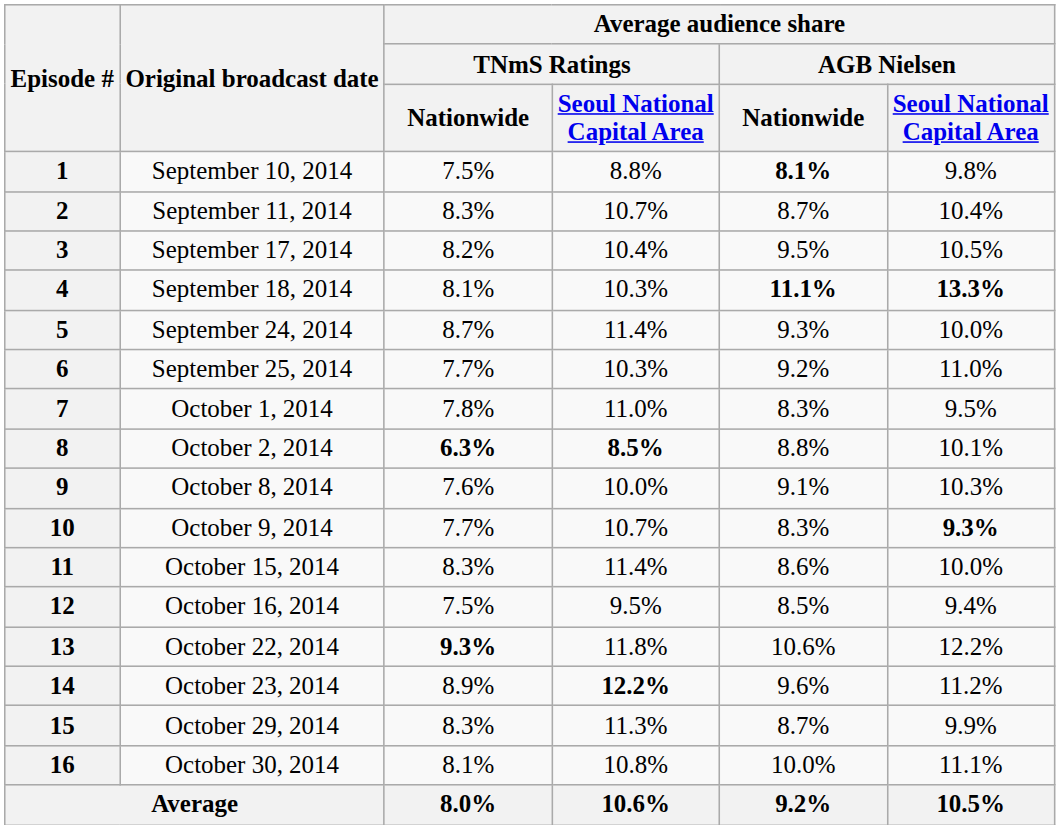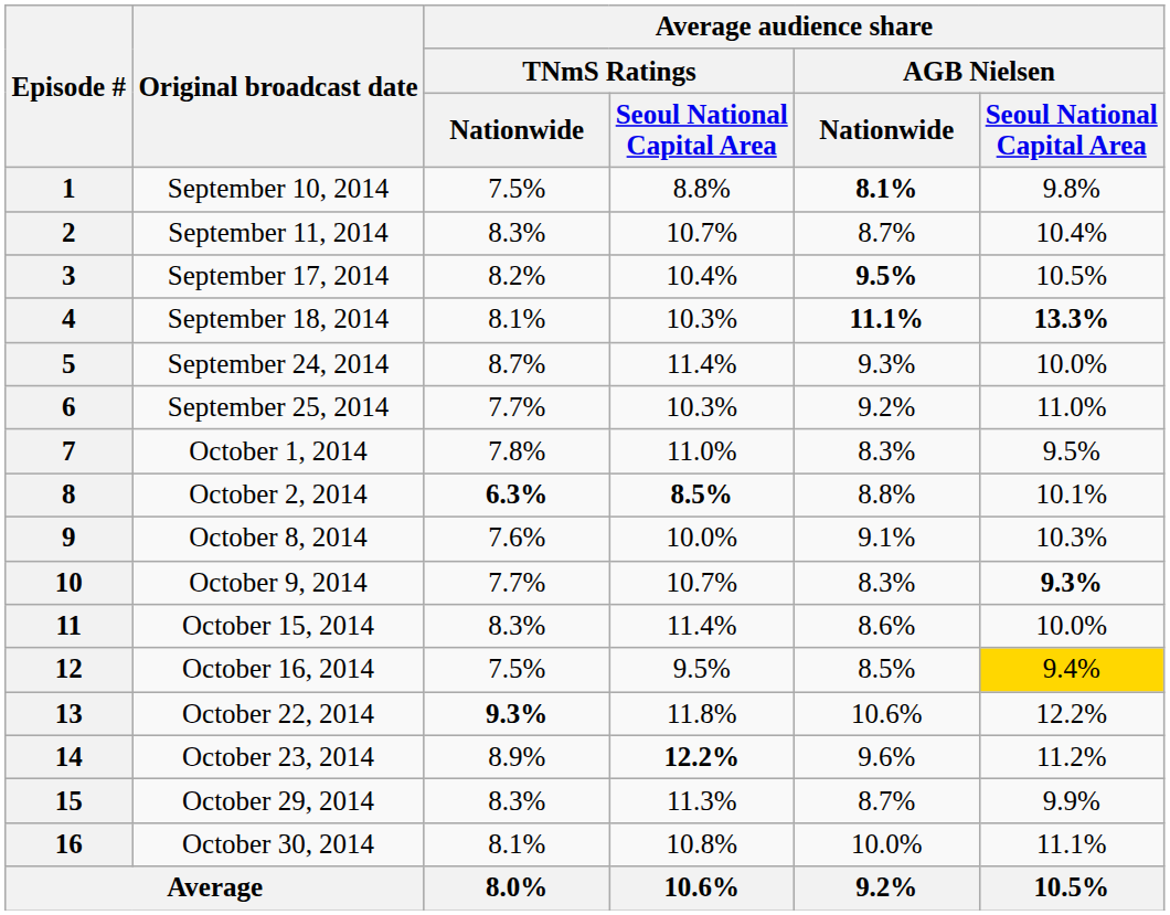 <table class=wikitable style="text-align:center">
 <tr>
 <th rowspan="3">Episode #</th>
 <th rowspan="3">Original broadcast date</th>
 <th colspan="4">Average audience share</th>
 </tr>
 <tr>
 <th colspan="2">TNmS Ratings</th>
 <th colspan="2">AGB Nielsen</th>
 </tr>
 <tr>
 <th width=100>Nationwide</th>
 <th width=100><a href='#'>Seoul National Capital Area</a></th>
 <th width=100>Nationwide</th>
 <th width=100><a href='#'>Seoul National Capital Area</a></th>
 </tr>
 <tr>
 <th>1</th>
 <td>September 10, 2014</td>
 <td>7.5%</td>
 <td>8.8%</td>
 <td><span><strong>8.1%</strong></span></td>
 <td>9.8%</td>
 </tr>
 <tr>
 <th>2</th>
 <td>September 11, 2014</td>
 <td>8.3%</td>
 <td>10.7%</td>
 <td>8.7%</td>
 <td>10.4%</td>
 </tr>
 <tr>
 <th>3</th>
 <td>September 17, 2014</td>
 <td>8.2%</td>
 <td>10.4%</td>
-<td>9.5%</td>
+<td><strong>9.5%</strong></td>
 <td>10.5%</td>
 </tr>
 <tr>
 <th>4</th>
 <td>September 18, 2014</td>
 <td>8.1%</td>
 <td>10.3%</td>
 <td><span><strong>11.1%</strong></span></td>
 <td><span><strong>13.3%</strong></span></td>
 </tr>
 <tr>
 <th>5</th>
 <td>September 24, 2014</td>
 <td>8.7%</td>
 <td>11.4%</td>
 <td>9.3%</td>
 <td>10.0%</td>
 </tr>
 <tr>
 <th>6</th>
 <td>September 25, 2014</td>
 <td>7.7%</td>
 <td>10.3%</td>
 <td>9.2%</td>
 <td>11.0%</td>
 </tr>
 <tr>
 <th>7</th>
 <td>October 1, 2014</td>
 <td>7.8%</td>
 <td>11.0%</td>
 <td>8.3%</td>
 <td>9.5%</td>
 </tr>
 <tr>
 <th>8</th>
 <td>October 2, 2014</td>
 <td><span><strong>6.3%</strong></span></td>
 <td><span><strong>8.5%</strong></span></td>
 <td>8.8%</td>
 <td>10.1%</td>
 </tr>
 <tr>
 <th>9</th>
 <td>October 8, 2014</td>
 <td>7.6%</td>
 <td>10.0%</td>
 <td>9.1%</td>
 <td>10.3%</td>
 </tr>
 <tr>
 <th>10</th>
 <td>October 9, 2014</td>
 <td>7.7%</td>
 <td>10.7%</td>
 <td>8.3%</td>
 <td><span><strong>9.3%</strong></span></td>
 </tr>
 <tr>
 <th>11</th>
 <td>October 15, 2014</td>
 <td>8.3%</td>
 <td>11.4%</td>
 <td>8.6%</td>
 <td>10.0%</td>
 </tr>
 <tr>
 <th>12</th>
 <td>October 16, 2014</td>
 <td>7.5%</td>
 <td>9.5%</td>
 <td>8.5%</td>
-<td>9.4%</td>
+<td style="background: gold;">9.4%</td>
 </tr>
 <tr>
 <th>13</th>
 <td>October 22, 2014</td>
 <td><span><strong>9.3%</strong></span></td>
 <td>11.8%</td>
 <td>10.6%</td>
 <td>12.2%</td>
 </tr>
 <tr>
 <th>14</th>
 <td>October 23, 2014</td>
 <td>8.9%</td>
 <td><span><strong>12.2%</strong></span></td>
 <td>9.6%</td>
 <td>11.2%</td>
 </tr>
 <tr>
 <th>15</th>
 <td>October 29, 2014</td>
 <td>8.3%</td>
 <td>11.3%</td>
 <td>8.7%</td>
 <td>9.9%</td>
 </tr>
 <tr>
 <th>16</th>
 <td>October 30, 2014</td>
 <td>8.1%</td>
 <td>10.8%</td>
 <td>10.0%</td>
 <td>11.1%</td>
 </tr>
 <tr>
 <th colspan=2>Average</th>
 <th>8.0%</th>
 <th>10.6%</th>
 <th>9.2%</th>
 <th>10.5%</th>
 </tr>
 </table>
